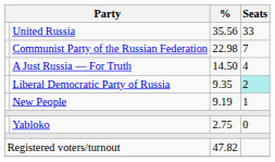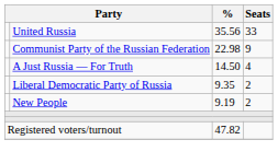 <table class="wikitable">
 <tr>
 <th colspan=2>Party</th>
 <th>%</th>
 <th>Seats</th>
 </tr>
 <tr>
 <td style="background:"></td>
 <td><a href='#'>United Russia</a></td>
 <td>35.56</td>
 <td>33</td>
 </tr>
 <tr>
 <td style="background:"></td>
 <td><a href='#'>Communist Party of the Russian Federation</a></td>
 <td>22.98</td>
-<td>7</td>
+<td>9</td>
 </tr>
 <tr>
 <td style="background:"></td>
 <td><a href='#'>A Just Russia — For Truth</a></td>
 <td>14.50</td>
 <td>4</td>
 </tr>
 <tr>
 <td style="background:"></td>
 <td><a href='#'>Liberal Democratic Party of Russia</a></td>
 <td>9.35</td>
-<td style="background: paleturquoise;">2</td>
+<td>2</td>
 </tr>
 <tr>
 <td style="background:"></td>
 <td><a href='#'>New People</a></td>
 <td>9.19</td>
-<td>1</td>
+<td>2</td>
 </tr>
 <tr>
 <td colspan=4 style="background:#E9E9E9;"></td>
-</tr>
-<tr>
-<td style="background:"></td>
-<td><a href='#'>Yabloko</a></td>
-<td>2.75</td>
-<td>0</td>
 </tr>
 <tr>
 <td colspan=4 style="background:#E9E9E9;"></td>
 </tr>
 <tr>
 <td align=left colspan=2>Registered voters/turnout</td>
 <td>47.82</td>
 <td></td>
 </tr>
 <tr>
 </tr>
 </table>
